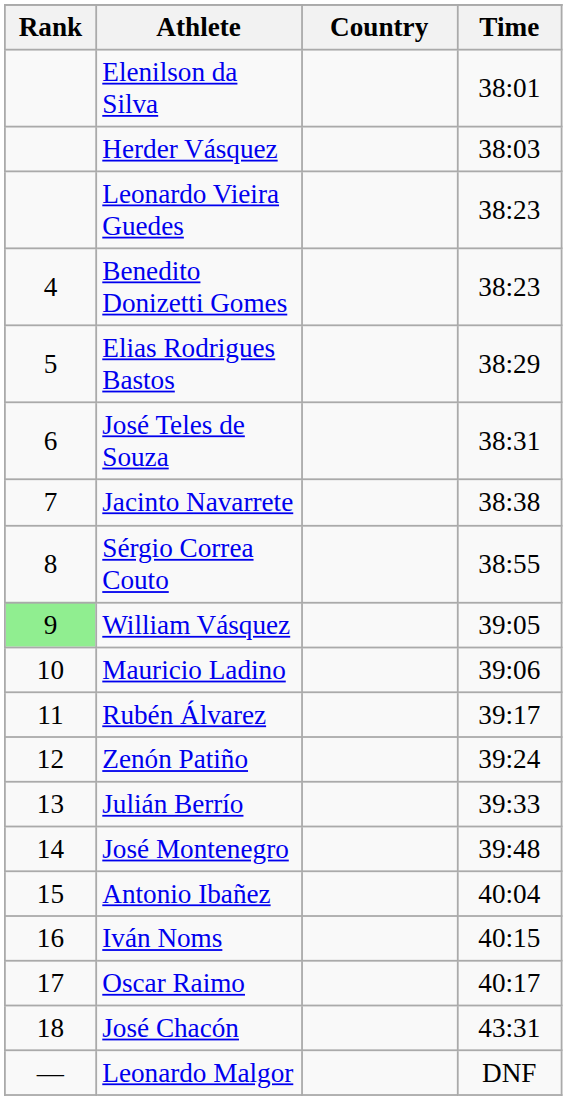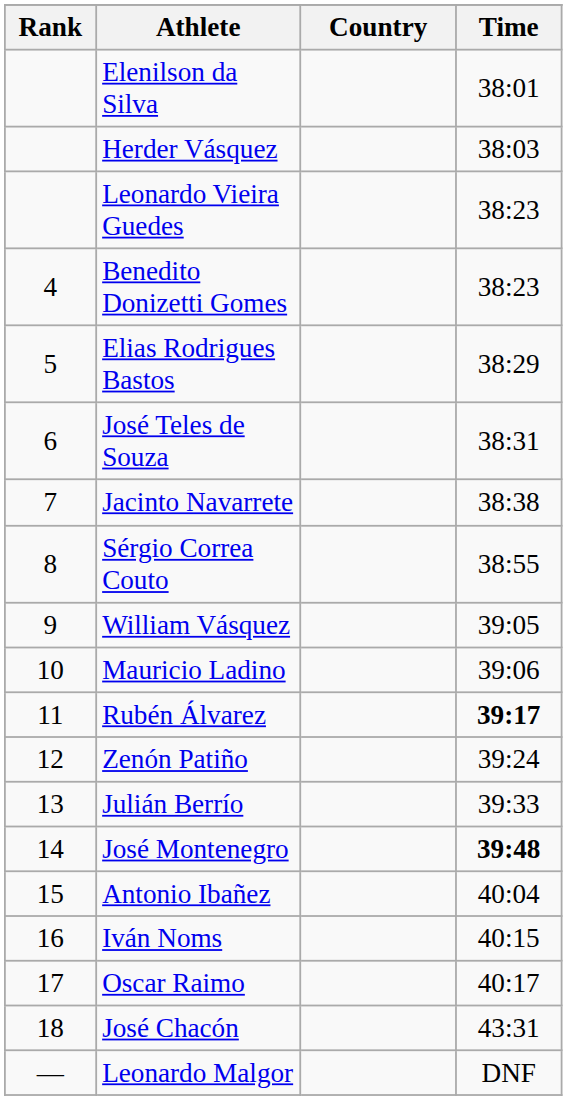 <table class="wikitable sortable" style=" text-align:center; font-size:95%;" width="50%">
 <tr>
 </tr>
 <tr>
 <th width=5%>Rank</th>
 <th width=20%>Athlete</th>
 <th width=15%>Country</th>
 <th width=10%>Time</th>
 </tr>
 <tr>
 <td align=center></td>
 <td align=left><a href='#'>Elenilson da Silva</a></td>
 <td align=left></td>
 <td>38:01</td>
 </tr>
 <tr>
 <td align=center></td>
 <td align=left><a href='#'>Herder Vásquez</a></td>
 <td align=left></td>
 <td>38:03</td>
 </tr>
 <tr>
 <td align=center></td>
 <td align=left><a href='#'>Leonardo Vieira Guedes</a></td>
 <td align=left></td>
 <td>38:23</td>
 </tr>
 <tr>
 <td align=center>4</td>
 <td align=left><a href='#'>Benedito Donizetti Gomes</a></td>
 <td align=left></td>
 <td>38:23</td>
 </tr>
 <tr>
 <td align=center>5</td>
 <td align=left><a href='#'>Elias Rodrigues Bastos</a></td>
 <td align=left></td>
 <td>38:29</td>
 </tr>
 <tr>
 <td align=center>6</td>
 <td align=left><a href='#'>José Teles de Souza</a></td>
 <td align=left></td>
 <td>38:31</td>
 </tr>
 <tr>
 <td align=center>7</td>
 <td align=left><a href='#'>Jacinto Navarrete</a></td>
 <td align=left></td>
 <td>38:38</td>
 </tr>
 <tr>
 <td align=center>8</td>
 <td align=left><a href='#'>Sérgio Correa Couto</a></td>
 <td align=left></td>
 <td>38:55</td>
 </tr>
 <tr>
-<td align=center style="background: lightgreen;">9</td>
+<td align=center>9</td>
 <td align=left><a href='#'>William Vásquez</a></td>
 <td align=left></td>
 <td>39:05</td>
 </tr>
 <tr>
 <td align=center>10</td>
 <td align=left><a href='#'>Mauricio Ladino</a></td>
 <td align=left></td>
 <td>39:06</td>
 </tr>
 <tr>
 <td align=center>11</td>
 <td align=left><a href='#'>Rubén Álvarez</a></td>
 <td align=left></td>
-<td>39:17</td>
+<td><strong>39:17</strong></td>
 </tr>
 <tr>
 <td align=center>12</td>
 <td align=left><a href='#'>Zenón Patiño</a></td>
 <td align=left></td>
 <td>39:24</td>
 </tr>
 <tr>
 <td align=center>13</td>
 <td align=left><a href='#'>Julián Berrío</a></td>
 <td align=left></td>
 <td>39:33</td>
 </tr>
 <tr>
 <td align=center>14</td>
 <td align=left><a href='#'>José Montenegro</a></td>
 <td align=left></td>
-<td>39:48</td>
+<td><strong>39:48</strong></td>
 </tr>
 <tr>
 <td align=center>15</td>
 <td align=left><a href='#'>Antonio Ibañez</a></td>
 <td align=left></td>
 <td>40:04</td>
 </tr>
 <tr>
 <td align=center>16</td>
 <td align=left><a href='#'>Iván Noms</a></td>
 <td align=left></td>
 <td>40:15</td>
 </tr>
 <tr>
 <td align=center>17</td>
 <td align=left><a href='#'>Oscar Raimo</a></td>
 <td align=left></td>
 <td>40:17</td>
 </tr>
 <tr>
 <td align=center>18</td>
 <td align=left><a href='#'>José Chacón</a></td>
 <td align=left></td>
 <td>43:31</td>
 </tr>
 <tr>
 <td align=center>—</td>
 <td align=left><a href='#'>Leonardo Malgor</a></td>
 <td align=left></td>
 <td>DNF</td>
 </tr>
 </table>
